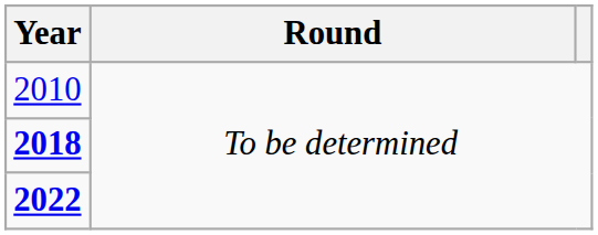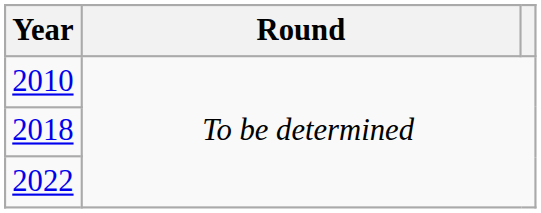 <table class="wikitable" style="text-align: center; font-size:90%">
 <tr>
 <th>Year</th>
 <th style="width:200px">Round</th>
 <th></th>
 </tr>
 <tr>
 <td><a href='#'>2010</a></td>
 <td colspan="2" rowspan="3"><em>To be determined</em></td>
 </tr>
 <tr>
-<td><strong><a href='#'>2018</a></strong></td>
+<td><a href='#'>2018</a></td>
 </tr>
 <tr>
-<td><strong><a href='#'>2022</a></strong></td>
+<td><a href='#'>2022</a></td>
 </tr>
 </table>
